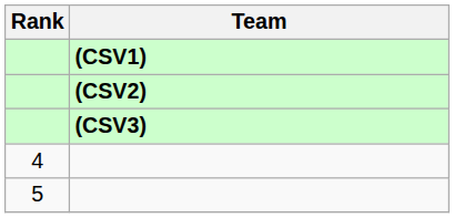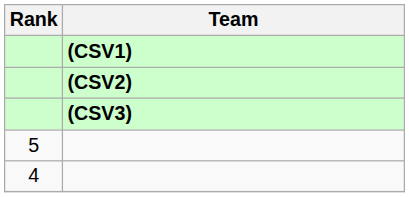 <table class="wikitable" style="text-align:center">
 <tr>
 <th width=40>Rank</th>
 <th width=270>Team</th>
 </tr>
 <tr bgcolor=#ccffcc>
 <td></td>
 <td style="text-align:left"><strong> (CSV1)</strong></td>
 </tr>
 <tr bgcolor=#ccffcc>
 <td></td>
 <td style="text-align:left"><strong> (CSV2)</strong></td>
 </tr>
 <tr bgcolor=#ccffcc>
 <td></td>
 <td style="text-align:left"><strong> (CSV3)</strong></td>
 </tr>
 <tr>
-<td>4</td>
+<td>5</td>
 <td style="text-align:left"></td>
 </tr>
 <tr>
-<td>5</td>
+<td>4</td>
 <td style="text-align:left"></td>
 </tr>
 <tr>
 </tr>
 </table>
